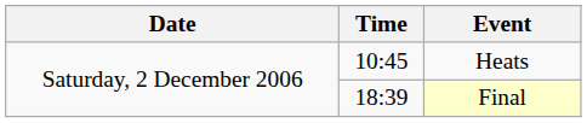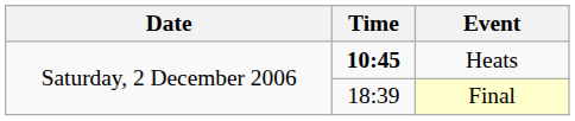 <table class = "wikitable" style="text-align:center;">
 <tr>
 <th width=220>Date</th>
 <th width=50>Time</th>
 <th width=100>Event</th>
 </tr>
 <tr>
 <td rowspan=2>Saturday, 2 December 2006</td>
-<td>10:45</td>
+<td><strong>10:45</strong></td>
 <td>Heats</td>
 </tr>
 <tr>
 <td>18:39</td>
 <td bgcolor=ffffcc>Final</td>
 </tr>
 </table>
